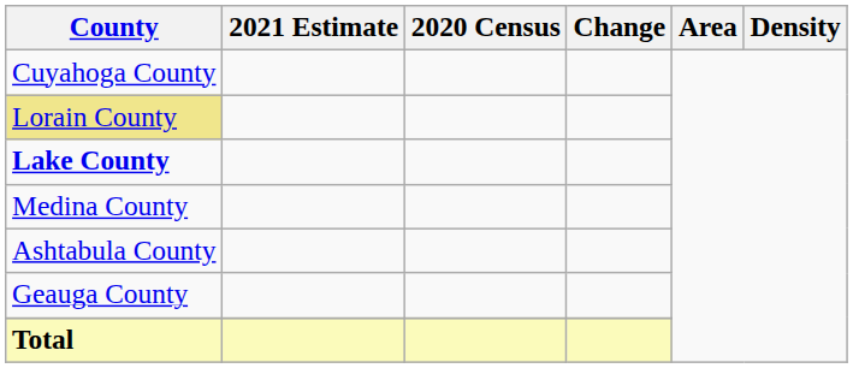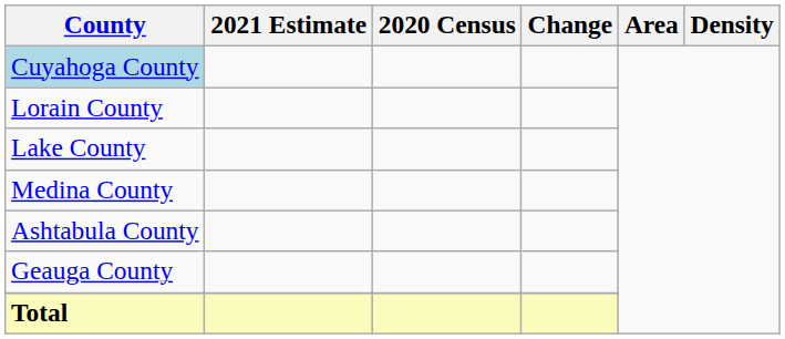 <table class="wikitable sortable">
 <tr>
 <th><a href='#'>County</a></th>
 <th>2021 Estimate</th>
 <th>2020 Census</th>
 <th>Change</th>
 <th>Area</th>
 <th>Density</th>
 </tr>
 <tr>
-<td><a href='#'>Cuyahoga County</a></td>
+<td style="background: lightblue;"><a href='#'>Cuyahoga County</a></td>
 <td></td>
 <td></td>
 <td></td>
 </tr>
 <tr>
-<td style="background: khaki;"><a href='#'>Lorain County</a></td>
+<td><a href='#'>Lorain County</a></td>
 <td></td>
 <td></td>
 <td></td>
 </tr>
 <tr>
-<td><strong><a href='#'>Lake County</a></strong></td>
+<td><a href='#'>Lake County</a></td>
 <td></td>
 <td></td>
 <td></td>
 </tr>
 <tr>
 <td><a href='#'>Medina County</a></td>
 <td></td>
 <td></td>
 <td></td>
 </tr>
 <tr>
 <td><a href='#'>Ashtabula County</a></td>
 <td></td>
 <td></td>
 <td></td>
 </tr>
 <tr>
 <td><a href='#'>Geauga County</a></td>
 <td></td>
 <td></td>
 <td></td>
 </tr>
 <tr>
 </tr>
 <tr class=sortbottom style="background:#fbfbbb">
 <td><strong>Total</strong></td>
 <td></td>
 <td></td>
 <td></td>
 </tr>
 </table>
